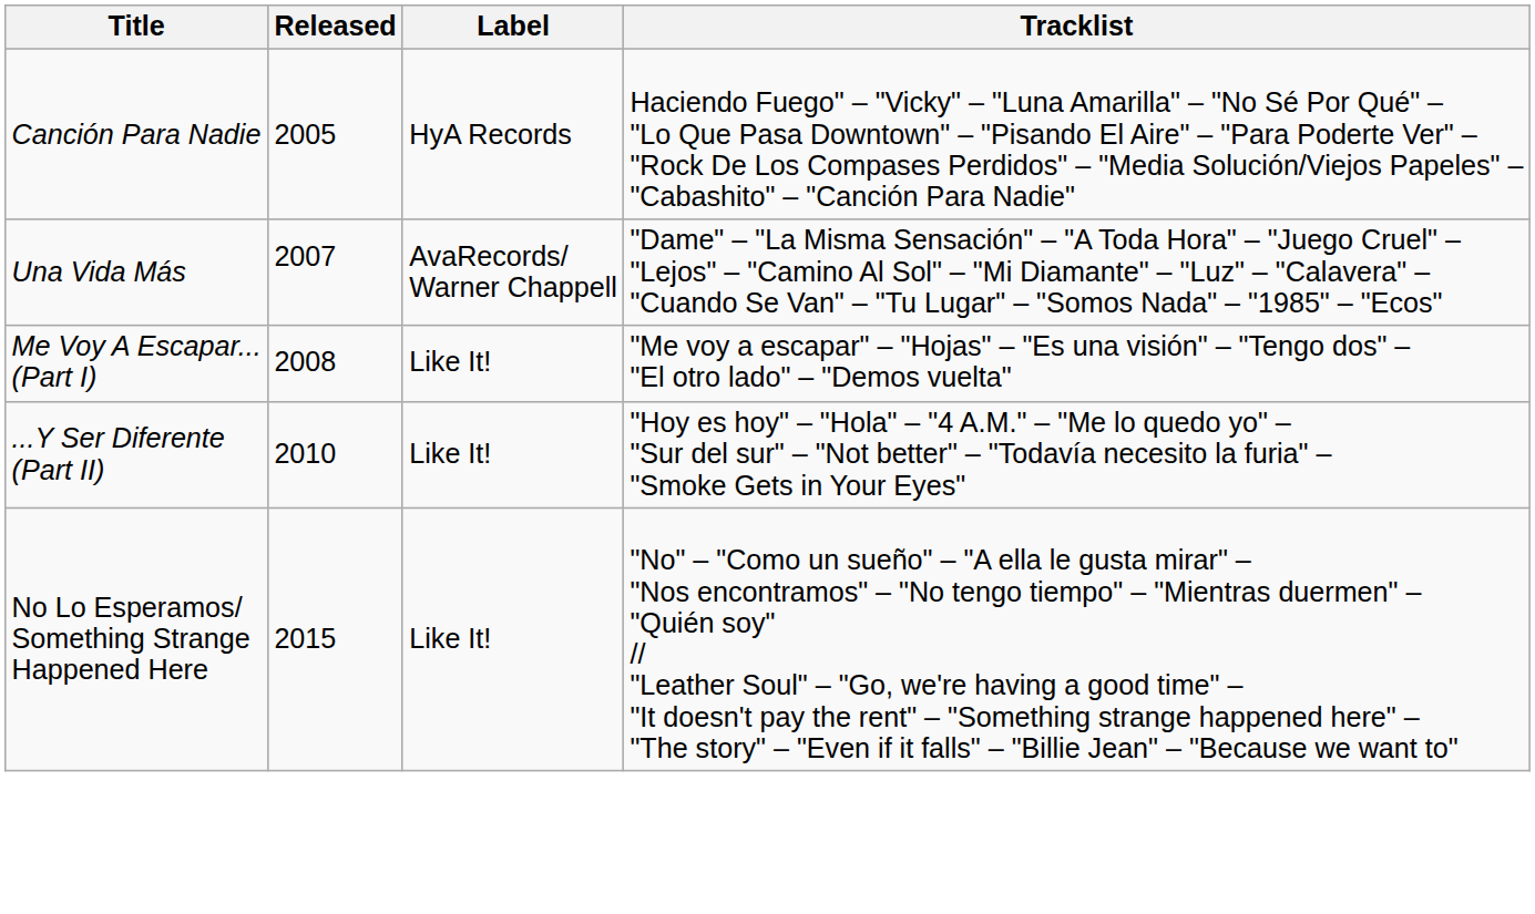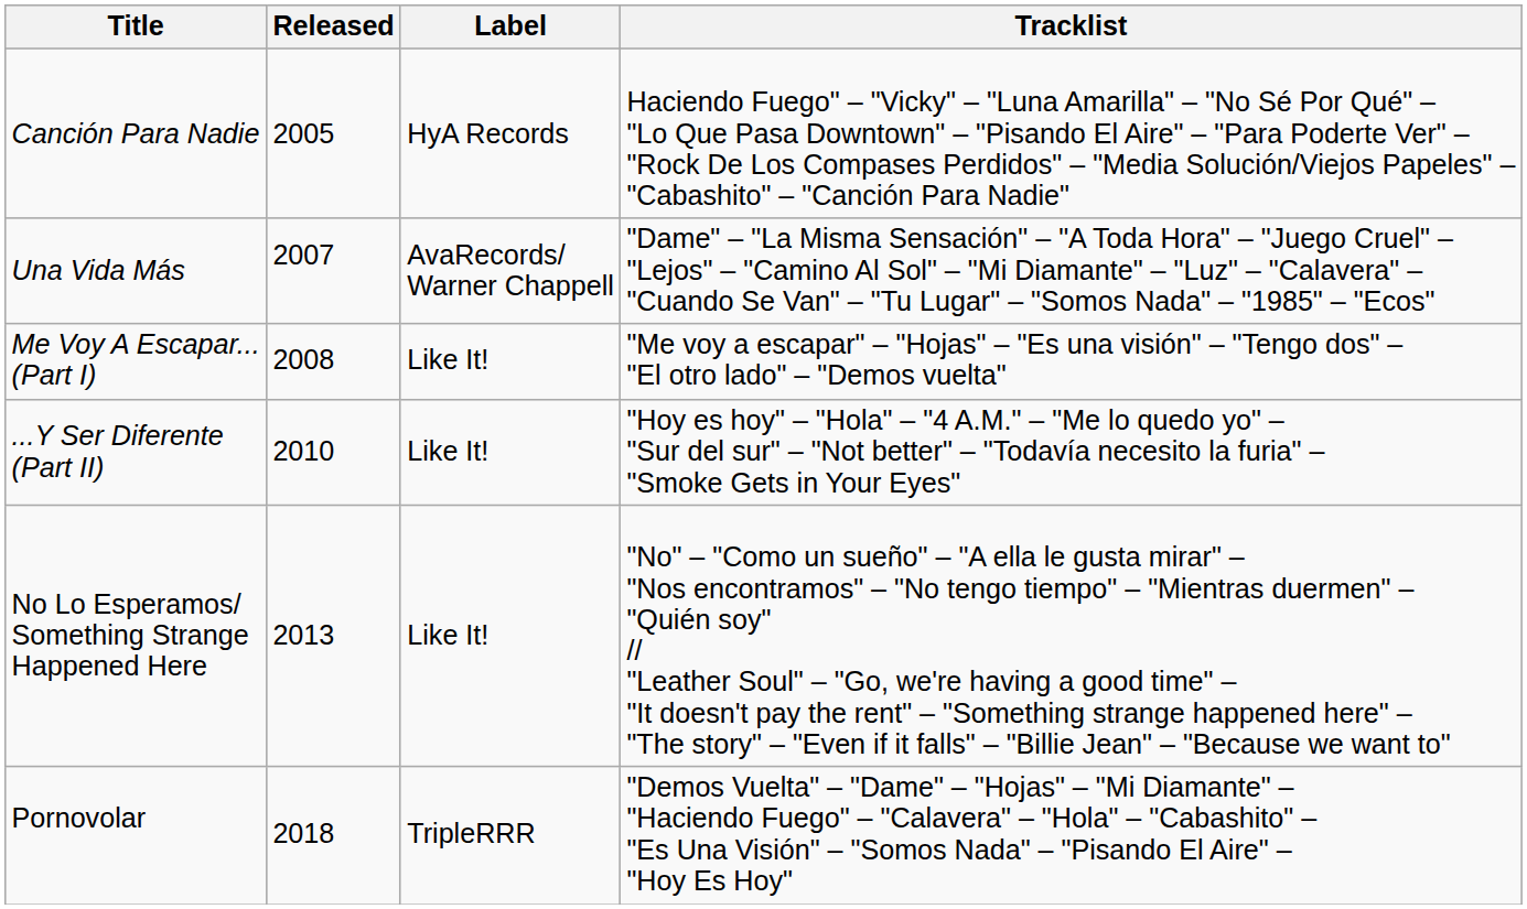 <table class="wikitable">
 <tr>
 <th>Title</th>
 <th>Released</th>
 <th>Label</th>
 <th>Tracklist</th>
 </tr>
 <tr>
 <td><em>Canción Para Nadie</em></td>
 <td>2005</td>
 <td>HyA Records</td>
 <td><br>Haciendo Fuego" – "Vicky" – "Luna Amarilla" – "No Sé Por Qué" –<br>"Lo Que Pasa Downtown" – "Pisando El Aire" – "Para Poderte Ver" –<br>"Rock De Los Compases Perdidos" – "Media Solución/Viejos Papeles" –<br>"Cabashito" – "Canción Para Nadie" <br></td>
 </tr>
 <tr>
 <td><em>Una Vida Más</em></td>
 <td>2007<br><br></td>
 <td>AvaRecords/<br>Warner Chappell</td>
 <td>"Dame" – "La Misma Sensación" – "A Toda Hora" – "Juego Cruel" –<br>"Lejos" – "Camino Al Sol" – "Mi Diamante" – "Luz" – "Calavera" –<br>"Cuando Se Van" – "Tu Lugar" – "Somos Nada" – "1985" – "Ecos" <br></td>
 </tr>
 <tr>
 <td><em>Me Voy A Escapar...</em><br><em>(Part I)</em></td>
 <td>2008</td>
 <td>Like It!</td>
 <td>"Me voy a escapar" – "Hojas" – "Es una visión" – "Tengo dos" –<br>"El otro lado" – "Demos vuelta" <br></td>
 </tr>
 <tr>
 <td><em>...Y Ser Diferente</em><br><em>(Part II)</em> <br></td>
 <td>2010</td>
 <td>Like It!</td>
 <td>"Hoy es hoy" – "Hola" – "4 A.M." – "Me lo quedo yo" –<br>"Sur del sur" – "Not better" – "Todavía necesito la furia" –<br>"Smoke Gets in Your Eyes"  <br></td>
 </tr>
 <tr>
 <td>No Lo Esperamos/<br>Something Strange<br>Happened Here <br></td>
-<td>2015</td>
+<td>2013</td>
 <td>Like It!</td>
 <td><br>"No" – "Como un sueño" – "A ella le gusta mirar" –<br>"Nos encontramos" – "No tengo tiempo" – "Mientras duermen" –<br>"Quién soy"<br>//<br>"Leather Soul" – "Go, we're having a good time" –<br>"It doesn't pay the rent" – "Something strange happened here" –<br>"The story" – "Even if it falls" – "Billie Jean" – "Because we want to" <br></td>
 </tr>
+<tr>
+<td>Pornovolar<br><br></td>
+<td>2018</td>
+<td>TripleRRR</td>
+<td>"Demos Vuelta" – "Dame" – "Hojas" – "Mi Diamante" –<br>"Haciendo Fuego" – "Calavera" – "Hola" – "Cabashito" –<br>"Es Una Visión" – "Somos Nada" –  "Pisando El Aire" –<br>"Hoy Es Hoy" <br></td>
+</tr>
 </table>
